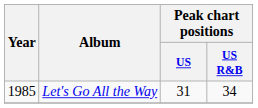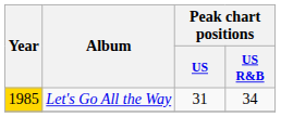 <table class="wikitable">
 <tr>
 <th scope="col" rowspan="2">Year</th>
 <th scope="col" rowspan="2">Album</th>
 <th scope="col" colspan="2">Peak chart positions</th>
 </tr>
 <tr>
 <th style="width:45px;"><small><a href='#'>US</a></small><br></th>
 <th style="width:45px;"><small><a href='#'>US R&B</a></small><br></th>
 </tr>
 <tr>
-<td>1985</td>
+<td style="background: gold;">1985</td>
 <td><em><a href='#'>Let's Go All the Way</a></em></td>
 <td align=center>31</td>
 <td align=center>34</td>
 </tr>
 <tr>
 </tr>
 </table>
